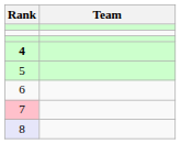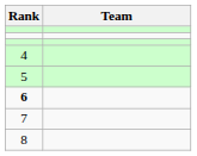 <table class="wikitable">
 <tr>
 <th>Rank</th>
 <th width=170>Team</th>
 </tr>
 <tr bgcolor=ccffcc>
 <td align=center></td>
 <td></td>
 </tr>
 <tr>
 <td align=center></td>
 <td></td>
 </tr>
 <tr bgcolor=ccffcc>
 <td align=center></td>
 <td></td>
 </tr>
 <tr bgcolor=ccffcc>
-<td align=center><strong>4</strong></td>
+<td align=center>4</td>
 <td></td>
 </tr>
 <tr bgcolor=ccffcc>
 <td align=center>5</td>
 <td></td>
 </tr>
 <tr>
-<td align=center>6</td>
+<td align=center><strong>6</strong></td>
 <td></td>
 </tr>
 <tr>
-<td align=center style="background: pink;">7</td>
+<td align=center>7</td>
 <td></td>
 </tr>
 <tr>
-<td align=center style="background: lavender;">8</td>
+<td align=center>8</td>
 <td></td>
 </tr>
 </table>
